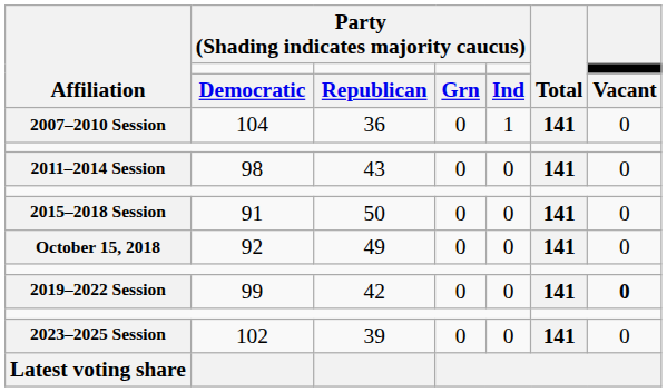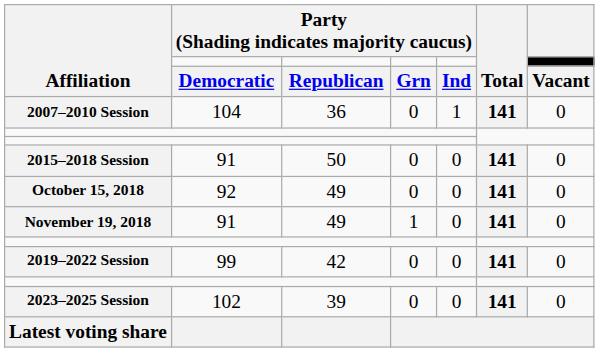 <table class=wikitable style="text-align:center">
 <tr style="vertical-align:bottom;">
 <th rowspan=3>Affiliation</th>
 <th colspan=4>Party <div>(Shading indicates majority caucus)</div></th>
 <th rowspan=3>Total</th>
 <th></th>
 </tr>
 <tr style="height:5px">
 <td style="background-color:"></td>
 <td style="background-color:"></td>
 <td style="background-color:"></td>
 <td style="background-color:"></td>
 <td style="background: black"></td>
 </tr>
 <tr>
 <th><a href='#'>Democratic</a></th>
 <th><a href='#'>Republican</a></th>
 <th><a href='#'>Grn</a></th>
 <th><a href='#'>Ind</a></th>
 <th>Vacant</th>
 </tr>
 <tr>
 <th nowrap style="font-size:80%">2007–2010 Session</th>
 <td>104</td>
 <td>36</td>
 <td>0</td>
 <td>1</td>
 <th>141</th>
 <td>0</td>
 </tr>
 <tr>
 <td colspan=5></td>
 </tr>
 <tr>
-<th nowrap style="font-size:80%">2011–2014 Session</th>
-<td>98</td>
-<td>43</td>
-<td>0</td>
-<td>0</td>
-<th>141</th>
-<td>0</td>
-</tr>
-<tr>
 <td colspan=5></td>
 </tr>
 <tr>
 <th nowrap style="font-size:80%">2015–2018 Session</th>
 <td>91</td>
 <td>50</td>
 <td>0</td>
 <td>0</td>
 <th>141</th>
 <td>0</td>
 </tr>
 <tr>
 <th nowrap style="font-size:80%">October 15, 2018</th>
 <td>92</td>
 <td>49</td>
 <td>0</td>
 <td>0</td>
 <th>141</th>
 <td>0</td>
 </tr>
 <tr>
+<th nowrap style="font-size:80%">November 19, 2018</th>
+<td>91</td>
+<td>49</td>
+<td>1</td>
+<td>0</td>
+<th>141</th>
+<td>0</td>
+</tr>
+<tr>
 <td colspan=5></td>
 </tr>
 <tr>
 <th nowrap style="font-size:80%">2019–2022 Session</th>
 <td>99</td>
 <td>42</td>
 <td>0</td>
 <td>0</td>
 <th>141</th>
-<td><strong>0</strong></td>
+<td>0</td>
 </tr>
 <tr>
 <td colspan=5></td>
 </tr>
 <tr>
 <th nowrap style="font-size:80%">2023–2025 Session</th>
 <td>102</td>
 <td>39</td>
 <td>0</td>
 <td>0</td>
 <th>141</th>
 <td>0</td>
 </tr>
 <tr>
 <th scope="row">Latest voting share</th>
 <th></th>
 <th></th>
 <th colspan=4></th>
 </tr>
 </table>
